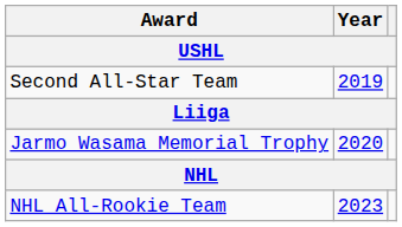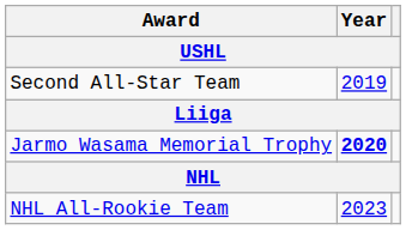 <table class="wikitable">
 <tr>
 <th>Award</th>
 <th>Year</th>
 <th></th>
 </tr>
 <tr ALIGN="center" bgcolor="#e0e0e0">
 <th colspan="3"><a href='#'>USHL</a></th>
 </tr>
 <tr>
 <td>Second All-Star Team</td>
 <td><a href='#'>2019</a></td>
 <td></td>
 </tr>
 <tr ALIGN="center" bgcolor="#e0e0e0">
 <th colspan="3"><a href='#'>Liiga</a></th>
 </tr>
 <tr>
 <td><a href='#'>Jarmo Wasama Memorial Trophy</a></td>
-<td><a href='#'>2020</a></td>
+<td><strong><a href='#'>2020</a></strong></td>
 <td></td>
 </tr>
 <tr>
 <th colspan="3"><a href='#'>NHL</a></th>
 </tr>
 <tr>
 <td><a href='#'>NHL All-Rookie Team</a></td>
 <td><a href='#'>2023</a></td>
 <td></td>
 </tr>
 </table>
